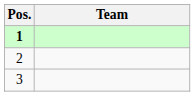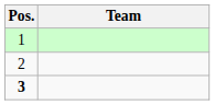 <table class="wikitable">
 <tr>
 <th>Pos.</th>
 <th width=175>Team</th>
 </tr>
 <tr style="background:#ccffcc">
-<td align="center"><strong>1</strong></td>
+<td align="center">1</td>
 <td></td>
 </tr>
 <tr>
 <td align="center">2</td>
 <td></td>
 </tr>
 <tr>
-<td align="center">3</td>
+<td align="center"><strong>3</strong></td>
 <td></td>
 </tr>
 </table>
